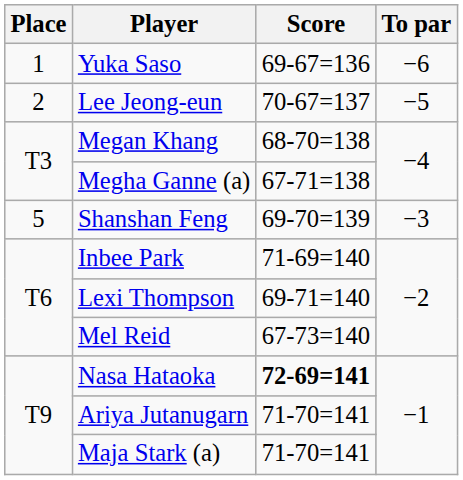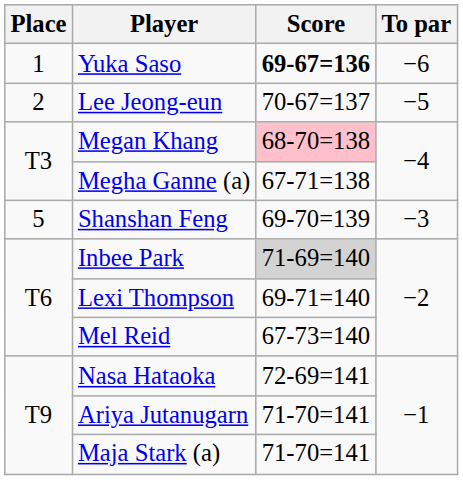 <table class="wikitable">
 <tr>
 <th>Place</th>
 <th>Player</th>
 <th>Score</th>
 <th>To par</th>
 </tr>
 <tr>
 <td align=center>1</td>
 <td> <a href='#'>Yuka Saso</a></td>
-<td>69-67=136</td>
+<td><strong>69-67=136</strong></td>
 <td align=center>−6</td>
 </tr>
 <tr>
 <td align=center>2</td>
 <td> <a href='#'>Lee Jeong-eun</a></td>
 <td>70-67=137</td>
 <td align=center>−5</td>
 </tr>
 <tr>
 <td align=center rowspan=2>T3</td>
 <td> <a href='#'>Megan Khang</a></td>
-<td align=center>68-70=138</td>
+<td align=center style="background: pink;">68-70=138</td>
 <td align=center rowspan=2>−4</td>
 </tr>
 <tr>
 <td> <a href='#'>Megha Ganne</a> (a)</td>
 <td align=center>67-71=138</td>
 </tr>
 <tr>
 <td align=center>5</td>
 <td> <a href='#'>Shanshan Feng</a></td>
 <td>69-70=139</td>
 <td align=center>−3</td>
 </tr>
 <tr>
 <td align=center rowspan=3>T6</td>
 <td> <a href='#'>Inbee Park</a></td>
-<td align=center>71-69=140</td>
+<td align=center style="background: lightgrey;">71-69=140</td>
 <td align=center rowspan=3>−2</td>
 </tr>
 <tr>
 <td> <a href='#'>Lexi Thompson</a></td>
 <td align=center>69-71=140</td>
 </tr>
 <tr>
 <td> <a href='#'>Mel Reid</a></td>
 <td align=center>67-73=140</td>
 </tr>
 <tr>
 <td align=center rowspan=3>T9</td>
 <td> <a href='#'>Nasa Hataoka</a></td>
-<td align=center><strong>72-69=141</strong></td>
+<td align=center>72-69=141</td>
 <td align=center rowspan=3>−1</td>
 </tr>
 <tr>
 <td> <a href='#'>Ariya Jutanugarn</a></td>
 <td align=center>71-70=141</td>
 </tr>
 <tr>
 <td> <a href='#'>Maja Stark</a> (a)</td>
 <td align=center>71-70=141</td>
 </tr>
 </table>
